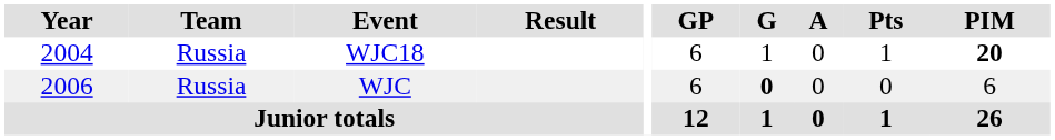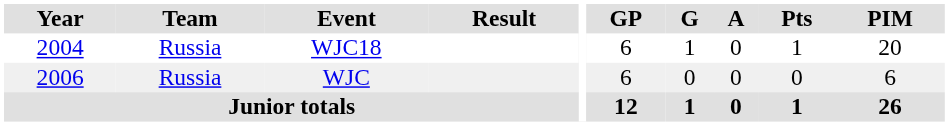 <table border="0" cellpadding="1" cellspacing="0" ID="Table3" style="text-align:center; width:40em">
 <tr ALIGN="center" bgcolor="#e0e0e0">
 <th>Year</th>
 <th>Team</th>
 <th>Event</th>
 <th>Result</th>
 <th rowspan="99" bgcolor="#ffffff"></th>
 <th>GP</th>
 <th>G</th>
 <th>A</th>
 <th>Pts</th>
 <th>PIM</th>
 </tr>
 <tr>
 <td><a href='#'>2004</a></td>
 <td><a href='#'>Russia</a></td>
 <td><a href='#'>WJC18</a></td>
 <td></td>
 <td>6</td>
 <td>1</td>
 <td>0</td>
 <td>1</td>
-<td><strong>20</strong></td>
+<td>20</td>
 </tr>
 <tr bgcolor="#f0f0f0">
 <td><a href='#'>2006</a></td>
 <td><a href='#'>Russia</a></td>
 <td><a href='#'>WJC</a></td>
 <td></td>
 <td>6</td>
-<td><strong>0</strong></td>
+<td>0</td>
 <td>0</td>
 <td>0</td>
 <td>6</td>
 </tr>
 <tr bgcolor="#e0e0e0">
 <th colspan="4">Junior totals</th>
 <th>12</th>
 <th>1</th>
 <th>0</th>
 <th>1</th>
 <th>26</th>
 </tr>
 </table>
